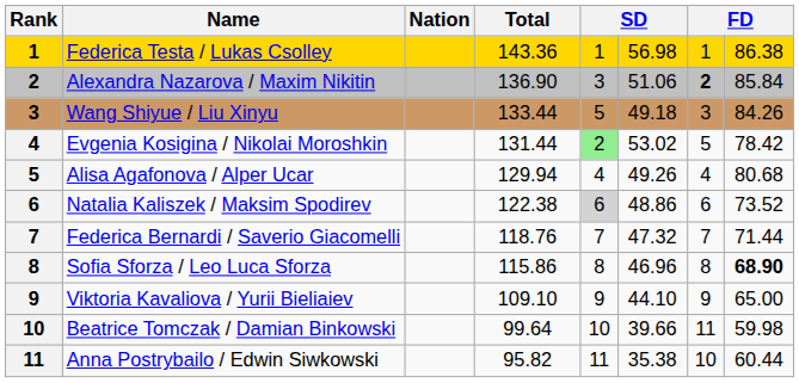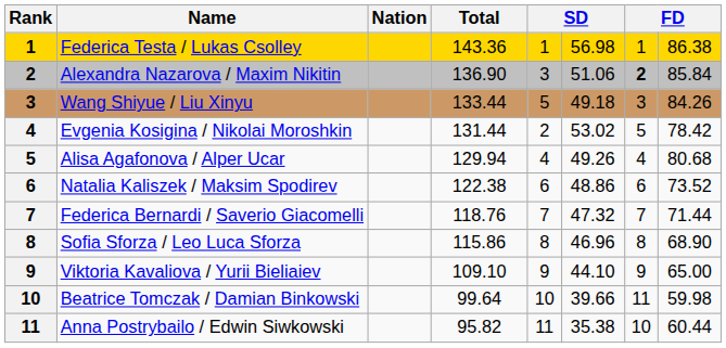 <table class="wikitable sortable">
 <tr>
 <th>Rank</th>
 <th>Name</th>
 <th>Nation</th>
 <th width="80px">Total</th>
 <th colspan="2" width="80px"><a href='#'>SD</a></th>
 <th colspan="2" width="80px"><a href='#'>FD</a></th>
 </tr>
 <tr bgcolor="gold">
 <td align="center"><strong>1</strong></td>
 <td><a href='#'>Federica Testa</a> / <a href='#'>Lukas Csolley</a></td>
 <td></td>
 <td align="center">143.36</td>
 <td align="center">1</td>
 <td align="center">56.98</td>
 <td align="center">1</td>
 <td align="center">86.38</td>
 </tr>
 <tr bgcolor="silver">
 <td align="center"><strong>2</strong></td>
 <td><a href='#'>Alexandra Nazarova</a> / <a href='#'>Maxim Nikitin</a></td>
 <td></td>
 <td align="center">136.90</td>
 <td align="center">3</td>
 <td align="center">51.06</td>
 <td align="center"><strong>2</strong></td>
 <td align="center">85.84</td>
 </tr>
 <tr bgcolor="cc9966">
 <td align="center"><strong>3</strong></td>
 <td><a href='#'>Wang Shiyue</a> / <a href='#'>Liu Xinyu</a></td>
 <td></td>
 <td align="center">133.44</td>
 <td align="center">5</td>
 <td align="center">49.18</td>
 <td align="center">3</td>
 <td align="center">84.26</td>
 </tr>
 <tr>
 <th>4</th>
 <td><a href='#'>Evgenia Kosigina</a> / <a href='#'>Nikolai Moroshkin</a></td>
 <td></td>
 <td align="center">131.44</td>
-<td align="center" style="background: lightgreen;">2</td>
+<td align="center">2</td>
 <td align="center">53.02</td>
 <td align="center">5</td>
 <td align="center">78.42</td>
 </tr>
 <tr>
 <th>5</th>
 <td><a href='#'>Alisa Agafonova</a> / <a href='#'>Alper Ucar</a></td>
 <td></td>
 <td align="center">129.94</td>
 <td align="center">4</td>
 <td align="center">49.26</td>
 <td align="center">4</td>
 <td align="center">80.68</td>
 </tr>
 <tr>
 <th>6</th>
 <td><a href='#'>Natalia Kaliszek</a> / <a href='#'>Maksim Spodirev</a></td>
 <td></td>
 <td align="center">122.38</td>
-<td align="center" style="background: lightgrey;">6</td>
+<td align="center">6</td>
 <td align="center">48.86</td>
 <td align="center">6</td>
 <td align="center">73.52</td>
 </tr>
 <tr>
 <th>7</th>
 <td><a href='#'>Federica Bernardi</a> / <a href='#'>Saverio Giacomelli</a></td>
 <td></td>
 <td align="center">118.76</td>
 <td align="center">7</td>
 <td align="center">47.32</td>
 <td align="center">7</td>
 <td align="center">71.44</td>
 </tr>
 <tr>
 <th>8</th>
 <td><a href='#'>Sofia Sforza</a> / <a href='#'>Leo Luca Sforza</a></td>
 <td></td>
 <td align="center">115.86</td>
 <td align="center">8</td>
 <td align="center">46.96</td>
 <td align="center">8</td>
-<td align="center"><strong>68.90</strong></td>
+<td align="center">68.90</td>
 </tr>
 <tr>
 <th>9</th>
 <td><a href='#'>Viktoria Kavaliova</a> / <a href='#'>Yurii Bieliaiev</a></td>
 <td></td>
 <td align="center">109.10</td>
 <td align="center">9</td>
 <td align="center">44.10</td>
 <td align="center">9</td>
 <td align="center">65.00</td>
 </tr>
 <tr>
 <th>10</th>
 <td><a href='#'>Beatrice Tomczak</a> / <a href='#'>Damian Binkowski</a></td>
 <td></td>
 <td align="center">99.64</td>
 <td align="center">10</td>
 <td align="center">39.66</td>
 <td align="center">11</td>
 <td align="center">59.98</td>
 </tr>
 <tr>
 <th>11</th>
 <td><a href='#'>Anna Postrybailo</a> / Edwin Siwkowski</td>
 <td></td>
 <td align="center">95.82</td>
 <td align="center">11</td>
 <td align="center">35.38</td>
 <td align="center">10</td>
 <td align="center">60.44</td>
 </tr>
 </table>
